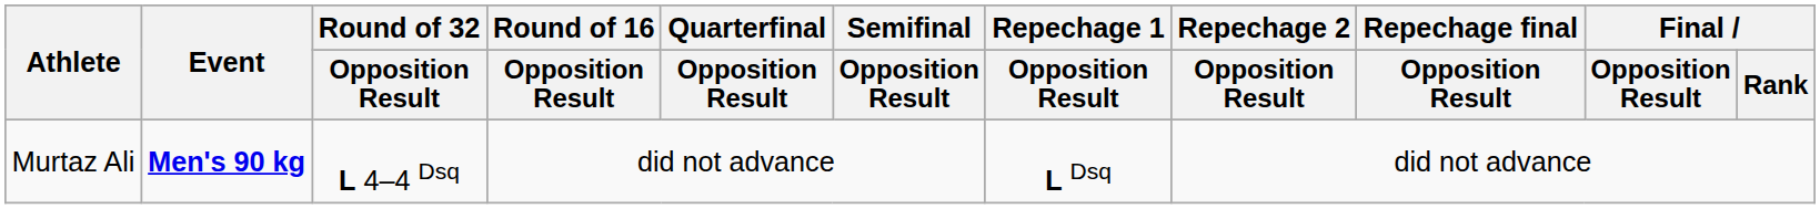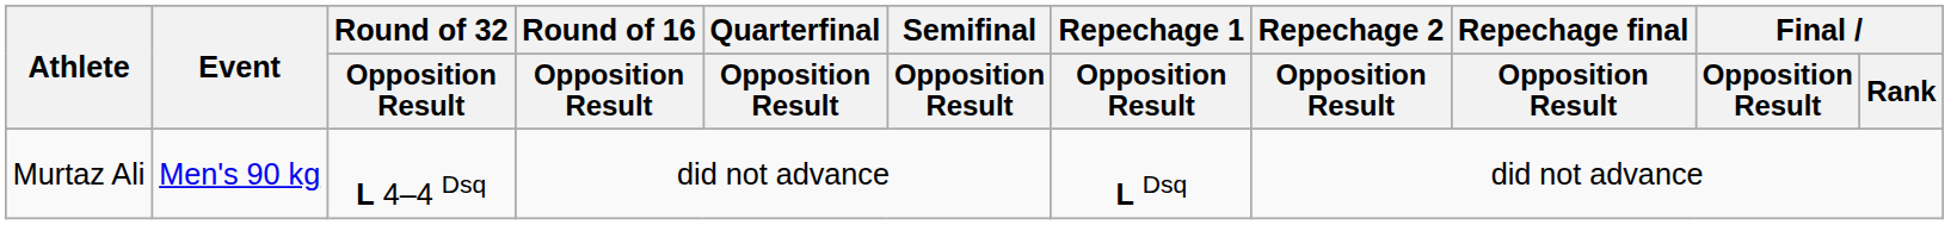 <table class=wikitable style=font-size:90%;text-align:center>
 <tr>
 <th rowspan="2">Athlete</th>
 <th rowspan="2">Event</th>
 <th>Round of 32</th>
 <th>Round of 16</th>
 <th>Quarterfinal</th>
 <th>Semifinal</th>
 <th>Repechage 1</th>
 <th>Repechage 2</th>
 <th>Repechage final</th>
 <th colspan=2>Final / </th>
 </tr>
 <tr style="font-size: 95%">
 <th>Opposition<br>Result</th>
 <th>Opposition<br>Result</th>
 <th>Opposition<br>Result</th>
 <th>Opposition<br>Result</th>
 <th>Opposition<br>Result</th>
 <th>Opposition<br>Result</th>
 <th>Opposition<br>Result</th>
 <th>Opposition<br>Result</th>
 <th>Rank</th>
 </tr>
 <tr>
 <td align=left>Murtaz Ali</td>
-<td align=left><strong><a href='#'>Men's 90 kg</a></strong></td>
+<td align=left><a href='#'>Men's 90 kg</a></td>
 <td><br><strong>L</strong> 4–4 <sup>Dsq</sup></td>
 <td colspan=3>did not advance</td>
 <td><br><strong>L</strong> <sup>Dsq</sup></td>
 <td colspan=4>did not advance</td>
 </tr>
 </table>
